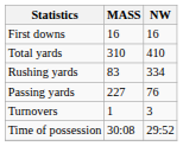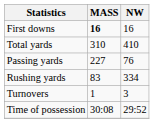 <table class="wikitable">
 <tr>
 <th>Statistics</th>
 <th>MASS</th>
 <th>NW</th>
 </tr>
 <tr>
 <td>First downs</td>
-<td>16</td>
+<td><strong>16</strong></td>
 <td>16</td>
 </tr>
 <tr>
 <td>Total yards</td>
 <td>310</td>
 <td>410</td>
 </tr>
 <tr>
+<td>Passing yards</td>
+<td>227</td>
+<td>76</td>
+</tr>
+<tr>
 <td>Rushing yards</td>
 <td>83</td>
 <td>334</td>
-</tr>
-<tr>
-<td>Passing yards</td>
-<td>227</td>
-<td>76</td>
 </tr>
 <tr>
 <td>Turnovers</td>
 <td>1</td>
 <td>3</td>
 </tr>
 <tr>
 <td>Time of possession</td>
 <td>30:08</td>
 <td>29:52</td>
 </tr>
 <tr>
 </tr>
 </table>
